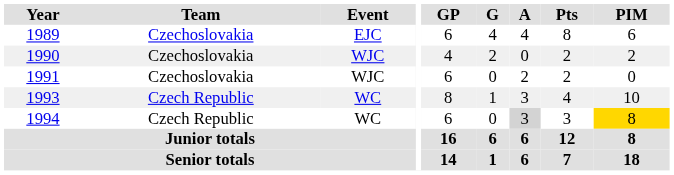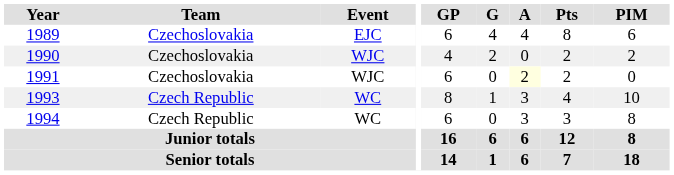 <table border="0" cellpadding="1" cellspacing="0" ID="Table3" style="text-align:center; width:40em">
 <tr bgcolor="#e0e0e0">
 <th>Year</th>
 <th>Team</th>
 <th>Event</th>
 <th rowspan="102" bgcolor="#ffffff"></th>
 <th>GP</th>
 <th>G</th>
 <th>A</th>
 <th>Pts</th>
 <th>PIM</th>
 </tr>
 <tr>
 <td><a href='#'>1989</a></td>
 <td><a href='#'>Czechoslovakia</a></td>
 <td><a href='#'>EJC</a></td>
 <td>6</td>
 <td>4</td>
 <td>4</td>
 <td>8</td>
 <td>6</td>
 </tr>
 <tr bgcolor="#f0f0f0">
 <td><a href='#'>1990</a></td>
 <td>Czechoslovakia</td>
 <td><a href='#'>WJC</a></td>
 <td>4</td>
 <td>2</td>
 <td>0</td>
 <td>2</td>
 <td>2</td>
 </tr>
 <tr>
 <td><a href='#'>1991</a></td>
 <td>Czechoslovakia</td>
 <td>WJC</td>
 <td>6</td>
 <td>0</td>
-<td>2</td>
+<td style="background: lightyellow;">2</td>
 <td>2</td>
 <td>0</td>
 </tr>
 <tr bgcolor="#f0f0f0">
 <td><a href='#'>1993</a></td>
 <td><a href='#'>Czech Republic</a></td>
 <td><a href='#'>WC</a></td>
 <td>8</td>
 <td>1</td>
 <td>3</td>
 <td>4</td>
 <td>10</td>
 </tr>
 <tr>
 <td><a href='#'>1994</a></td>
 <td>Czech Republic</td>
 <td>WC</td>
 <td>6</td>
 <td>0</td>
-<td style="background: lightgrey;">3</td>
 <td>3</td>
-<td style="background: gold;">8</td>
+<td>3</td>
+<td>8</td>
 </tr>
 <tr bgcolor="#e0e0e0">
 <th colspan=3>Junior totals</th>
 <th>16</th>
 <th>6</th>
 <th>6</th>
 <th>12</th>
 <th>8</th>
 </tr>
 <tr bgcolor="#e0e0e0">
 <th colspan=3>Senior totals</th>
 <th>14</th>
 <th>1</th>
 <th>6</th>
 <th>7</th>
 <th>18</th>
 </tr>
 </table>
